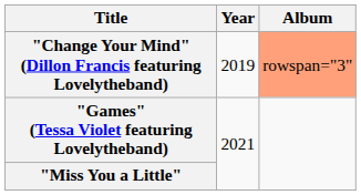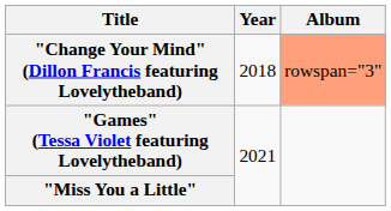 <table class="wikitable plainrowheaders" style="text-align:center;">
 <tr>
 <th scope="col" style="width:12em;">Title</th>
 <th scope="col">Year</th>
 <th scope="col">Album</th>
 </tr>
 <tr>
 <th scope="row">"Change Your Mind" <br><span>(<a href='#'>Dillon Francis</a> featuring Lovelytheband)</span></th>
-<td>2019</td>
+<td>2018</td>
 <td style="background: lightsalmon;">rowspan="3" </td>
 </tr>
 <tr>
 <th scope="row">"Games" <br><span>(<a href='#'>Tessa Violet</a> featuring Lovelytheband)</span></th>
 <td rowspan="2">2021</td>
 </tr>
 <tr>
 <th scope="row">"Miss You a Little"<br></th>
 </tr>
 </table>
